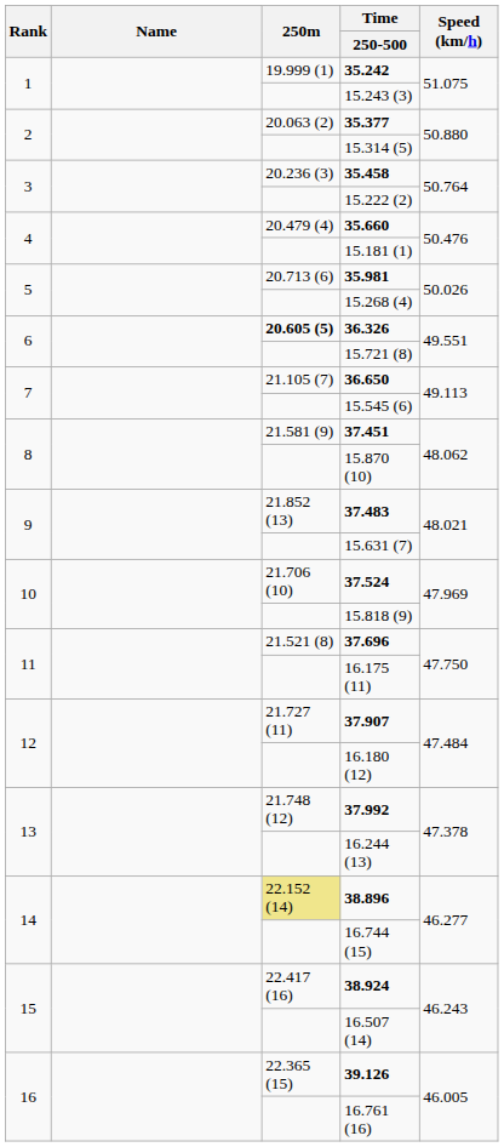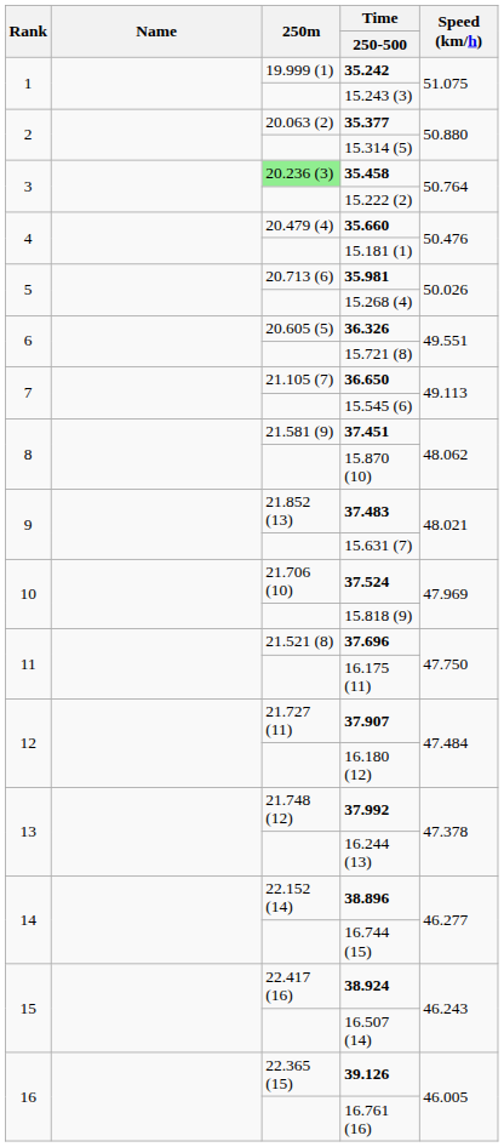 <table class="wikitable">
 <tr>
 <th rowspan=2 width=20>Rank</th>
 <th rowspan=2 width=200>Name</th>
 <th rowspan=2 width=70>250m</th>
 <th width=70>Time</th>
 <th rowspan=2 width=70>Speed<br>(km/<a href='#'>h</a>)</th>
 </tr>
 <tr>
 <th>250-500</th>
 </tr>
 <tr>
 <td align=center rowspan=2>1</td>
 <td rowspan=2></td>
 <td>19.999 (1)</td>
 <td><strong>35.242</strong></td>
 <td rowspan=2>51.075</td>
 </tr>
 <tr>
 <td></td>
 <td>15.243 (3)</td>
 </tr>
 <tr>
 <td align=center rowspan=2>2</td>
 <td rowspan=2></td>
 <td>20.063 (2)</td>
 <td><strong>35.377</strong></td>
 <td rowspan=2>50.880</td>
 </tr>
 <tr>
 <td></td>
 <td>15.314 (5)</td>
 </tr>
 <tr>
 <td align=center rowspan=2>3</td>
 <td rowspan=2></td>
-<td>20.236 (3)</td>
+<td style="background: lightgreen;">20.236 (3)</td>
 <td><strong>35.458</strong></td>
 <td rowspan=2>50.764</td>
 </tr>
 <tr>
 <td></td>
 <td>15.222 (2)</td>
 </tr>
 <tr>
 <td align=center rowspan=2>4</td>
 <td rowspan=2></td>
 <td>20.479 (4)</td>
 <td><strong>35.660</strong></td>
 <td rowspan=2>50.476</td>
 </tr>
 <tr>
 <td></td>
 <td>15.181 (1)</td>
 </tr>
 <tr>
 <td align=center rowspan=2>5</td>
 <td rowspan=2></td>
 <td>20.713 (6)</td>
 <td><strong>35.981</strong></td>
 <td rowspan=2>50.026</td>
 </tr>
 <tr>
 <td></td>
 <td>15.268 (4)</td>
 </tr>
 <tr>
 <td align=center rowspan=2>6</td>
 <td rowspan=2></td>
-<td><strong>20.605 (5)</strong></td>
+<td>20.605 (5)</td>
 <td><strong>36.326</strong></td>
 <td rowspan=2>49.551</td>
 </tr>
 <tr>
 <td></td>
 <td>15.721 (8)</td>
 </tr>
 <tr>
 <td align=center rowspan=2>7</td>
 <td rowspan=2></td>
 <td>21.105 (7)</td>
 <td><strong>36.650</strong></td>
 <td rowspan=2>49.113</td>
 </tr>
 <tr>
 <td></td>
 <td>15.545 (6)</td>
 </tr>
 <tr>
 <td align=center rowspan=2>8</td>
 <td rowspan=2></td>
 <td>21.581 (9)</td>
 <td><strong>37.451</strong></td>
 <td rowspan=2>48.062</td>
 </tr>
 <tr>
 <td></td>
 <td>15.870 (10)</td>
 </tr>
 <tr>
 <td align=center rowspan=2>9</td>
 <td rowspan=2></td>
 <td>21.852 (13)</td>
 <td><strong>37.483</strong></td>
 <td rowspan=2>48.021</td>
 </tr>
 <tr>
 <td></td>
 <td>15.631 (7)</td>
 </tr>
 <tr>
 <td align=center rowspan=2>10</td>
 <td rowspan=2></td>
 <td>21.706 (10)</td>
 <td><strong>37.524</strong></td>
 <td rowspan=2>47.969</td>
 </tr>
 <tr>
 <td></td>
 <td>15.818 (9)</td>
 </tr>
 <tr>
 <td align=center rowspan=2>11</td>
 <td rowspan=2></td>
 <td>21.521 (8)</td>
 <td><strong>37.696</strong></td>
 <td rowspan=2>47.750</td>
 </tr>
 <tr>
 <td></td>
 <td>16.175 (11)</td>
 </tr>
 <tr>
 <td align=center rowspan=2>12</td>
 <td rowspan=2></td>
 <td>21.727 (11)</td>
 <td><strong>37.907</strong></td>
 <td rowspan=2>47.484</td>
 </tr>
 <tr>
 <td></td>
 <td>16.180 (12)</td>
 </tr>
 <tr>
 <td align=center rowspan=2>13</td>
 <td rowspan=2></td>
 <td>21.748 (12)</td>
 <td><strong>37.992</strong></td>
 <td rowspan=2>47.378</td>
 </tr>
 <tr>
 <td></td>
 <td>16.244 (13)</td>
 </tr>
 <tr>
 <td align=center rowspan=2>14</td>
 <td rowspan=2></td>
-<td style="background: khaki;">22.152 (14)</td>
+<td>22.152 (14)</td>
 <td><strong>38.896</strong></td>
 <td rowspan=2>46.277</td>
 </tr>
 <tr>
 <td></td>
 <td>16.744 (15)</td>
 </tr>
 <tr>
 <td align=center rowspan=2>15</td>
 <td rowspan=2></td>
 <td>22.417 (16)</td>
 <td><strong>38.924</strong></td>
 <td rowspan=2>46.243</td>
 </tr>
 <tr>
 <td></td>
 <td>16.507 (14)</td>
 </tr>
 <tr>
 <td align=center rowspan=2>16</td>
 <td rowspan=2></td>
 <td>22.365 (15)</td>
 <td><strong>39.126</strong></td>
 <td rowspan=2>46.005</td>
 </tr>
 <tr>
 <td></td>
 <td>16.761 (16)</td>
 </tr>
 </table>
